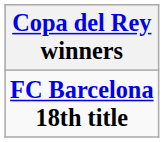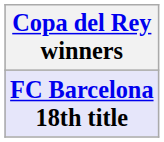 <table class="wikitable" style="text-align: center; margin: 0 auto;">
 <tr>
 <th><a href='#'>Copa del Rey</a><br>winners</th>
 </tr>
 <tr>
-<td><strong><a href='#'>FC Barcelona</a></strong><br><strong>18th title</strong></td>
+<td style="background: lavender;"><strong><a href='#'>FC Barcelona</a></strong><br><strong>18th title</strong></td>
 </tr>
 </table>
